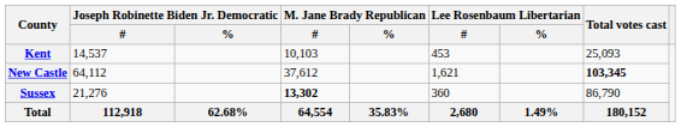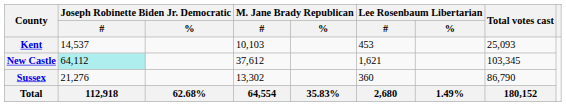 <table class="wikitable sortable">
 <tr>
 <th rowspan="2" scope="col">County</th>
 <th colspan="2" scope="col" style="text-align:center;"><strong>Joseph Robinette Biden Jr.</strong> Democratic</th>
 <th colspan="2" scope="col" style="text-align:center;"><strong>M. Jane Brady</strong> Republican</th>
 <th colspan="2">Lee Rosenbaum Libertarian</th>
 <th rowspan="2" scope="col">Total votes cast</th>
 <th rowspan="2" class="unsortable" scope="col"></th>
 </tr>
 <tr>
 <th data-sort-type="number" style="text-align:center;">#</th>
 <th data-sort-type="number" style="text-align:center;">%</th>
 <th data-sort-type="number" style="text-align:center;">#</th>
 <th data-sort-type="number" style="text-align:center;">%</th>
 <th data-sort-type="number" style="text-align:center;">#</th>
 <th data-sort-type="number" style="text-align:center;">%</th>
 </tr>
 <tr>
 <th scope="row" ><a href='#'>Kent</a></th>
 <td>14,537</td>
 <td></td>
 <td>10,103</td>
 <td></td>
 <td>453</td>
 <td></td>
 <td>25,093</td>
 <td rowspan="4"></td>
 </tr>
 <tr>
 <th scope="row" ><a href='#'>New Castle</a></th>
-<td>64,112</td>
+<td style="background: paleturquoise;">64,112</td>
 <td></td>
 <td>37,612</td>
 <td></td>
 <td>1,621</td>
 <td></td>
-<td><strong>103,345</strong></td>
+<td>103,345</td>
 </tr>
 <tr>
 <th scope="row" ><a href='#'>Sussex</a></th>
 <td>21,276</td>
 <td></td>
-<td><strong>13,302</strong></td>
+<td>13,302</td>
 <td></td>
 <td>360</td>
 <td></td>
 <td>86,790</td>
 </tr>
 <tr>
 <th scope=row>Total</th>
 <th>112,918</th>
 <th>62.68%</th>
 <th>64,554</th>
 <th>35.83%</th>
 <th>2,680</th>
 <th>1.49%</th>
 <th>180,152</th>
 </tr>
 </table>
